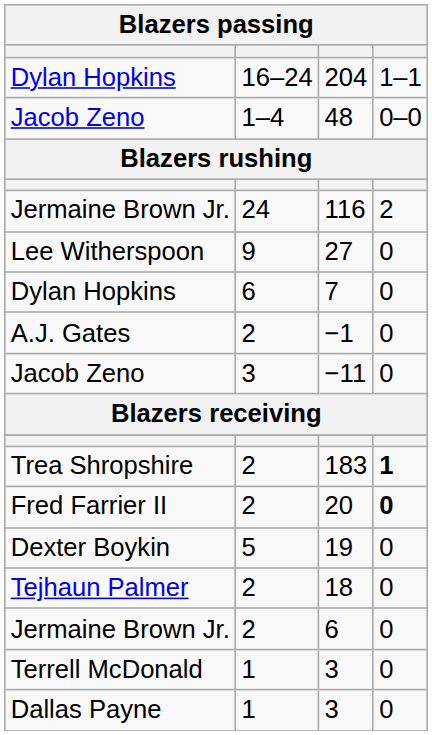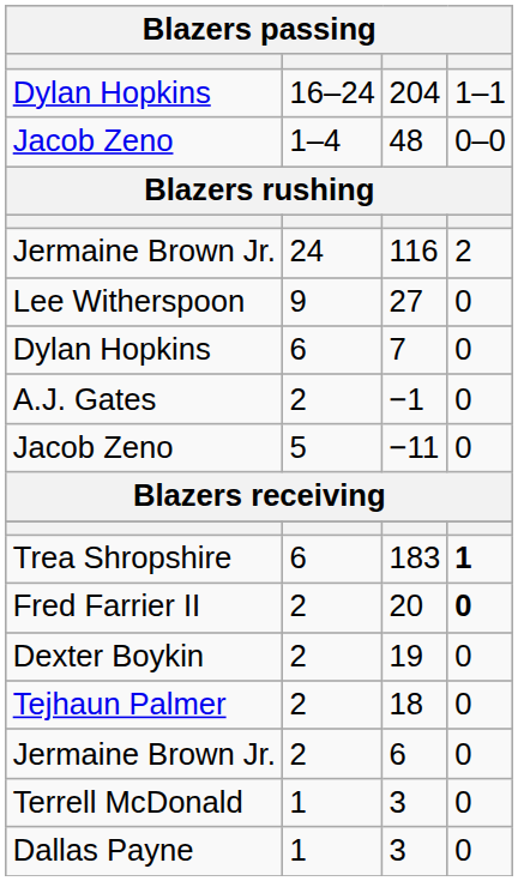 <table class="wikitable plainrowheaders">
 <tr>
 <th colspan="6">Blazers passing</th>
 </tr>
 <tr>
 <th scope="col"></th>
 <th scope="col"></th>
 <th scope="col"></th>
 <th scope="col"></th>
 </tr>
 <tr>
 <td><a href='#'>Dylan Hopkins</a></td>
 <td>16–24</td>
 <td>204</td>
 <td>1–1</td>
 </tr>
 <tr>
 <td><a href='#'>Jacob Zeno</a></td>
 <td>1–4</td>
 <td>48</td>
 <td>0–0</td>
 </tr>
 <tr>
 <th colspan="6">Blazers rushing</th>
 </tr>
 <tr>
 <th scope="col"></th>
 <th scope="col"></th>
 <th scope="col"></th>
 <th scope="col"></th>
 </tr>
 <tr>
 <td>Jermaine Brown Jr.</td>
 <td>24</td>
 <td>116</td>
 <td>2</td>
 </tr>
 <tr>
 <td>Lee Witherspoon</td>
 <td>9</td>
 <td>27</td>
 <td>0</td>
 </tr>
 <tr>
 <td>Dylan Hopkins</td>
 <td>6</td>
 <td>7</td>
 <td>0</td>
 </tr>
 <tr>
 <td>A.J. Gates</td>
 <td>2</td>
 <td>−1</td>
 <td>0</td>
 </tr>
 <tr>
 <td>Jacob Zeno</td>
-<td>3</td>
+<td>5</td>
 <td>−11</td>
 <td>0</td>
 </tr>
 <tr>
 <th colspan="6">Blazers receiving</th>
 </tr>
 <tr>
 </tr>
 <tr>
 <th scope="col"></th>
 <th scope="col"></th>
 <th scope="col"></th>
 <th scope="col"></th>
 </tr>
 <tr>
 <td>Trea Shropshire</td>
-<td>2</td>
+<td>6</td>
 <td>183</td>
 <td><strong>1</strong></td>
 </tr>
 <tr>
 <td>Fred Farrier II</td>
 <td>2</td>
 <td>20</td>
 <td><strong>0</strong></td>
 </tr>
 <tr>
 <td>Dexter Boykin</td>
-<td>5</td>
+<td>2</td>
 <td>19</td>
 <td>0</td>
 </tr>
 <tr>
 <td><a href='#'>Tejhaun Palmer</a></td>
 <td>2</td>
 <td>18</td>
 <td>0</td>
 </tr>
 <tr>
 <td>Jermaine Brown Jr.</td>
 <td>2</td>
 <td>6</td>
 <td>0</td>
 </tr>
 <tr>
 <td>Terrell McDonald</td>
 <td>1</td>
 <td>3</td>
 <td>0</td>
 </tr>
 <tr>
 <td>Dallas Payne</td>
 <td>1</td>
 <td>3</td>
 <td>0</td>
 </tr>
 <tr>
 </tr>
 </table>
